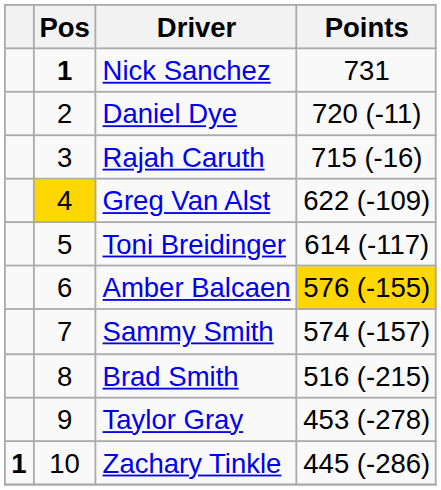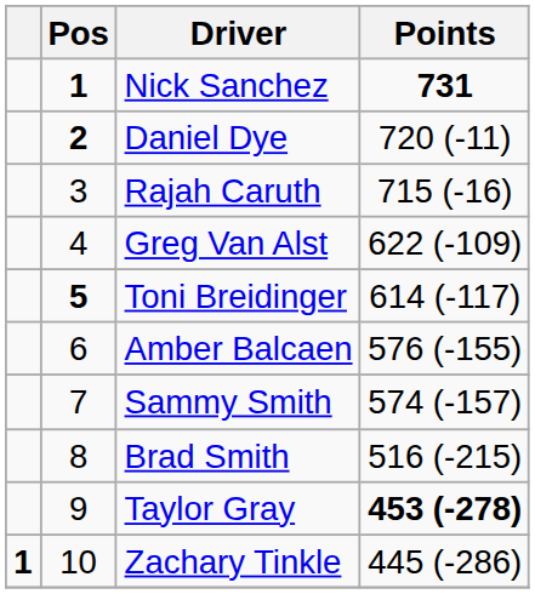 <table class="wikitable" style="font-size: 95%;">
 <tr>
 <th></th>
 <th>Pos</th>
 <th>Driver</th>
 <th>Points</th>
 </tr>
 <tr>
 <td align="left"></td>
 <td style="text-align:center;"><strong>1</strong></td>
 <td><a href='#'>Nick Sanchez</a></td>
-<td style="text-align:center;">731</td>
+<td style="text-align:center;"><strong>731</strong></td>
 </tr>
 <tr>
 <td align="left"></td>
-<td style="text-align:center;">2</td>
+<td style="text-align:center;"><strong>2</strong></td>
 <td><a href='#'>Daniel Dye</a></td>
 <td style="text-align:center;">720 (-11)</td>
 </tr>
 <tr>
 <td align="left"></td>
 <td style="text-align:center;">3</td>
 <td><a href='#'>Rajah Caruth</a></td>
 <td style="text-align:center;">715 (-16)</td>
 </tr>
 <tr>
 <td align="left"></td>
-<td style="background: gold; text-align:center;">4</td>
+<td style="text-align:center;">4</td>
 <td><a href='#'>Greg Van Alst</a></td>
 <td style="text-align:center;">622 (-109)</td>
 </tr>
 <tr>
 <td align="left"></td>
-<td style="text-align:center;">5</td>
+<td style="text-align:center;"><strong>5</strong></td>
 <td><a href='#'>Toni Breidinger</a></td>
 <td style="text-align:center;">614 (-117)</td>
 </tr>
 <tr>
 <td align="left"></td>
 <td style="text-align:center;">6</td>
 <td><a href='#'>Amber Balcaen</a></td>
-<td style="background: gold; text-align:center;">576 (-155)</td>
+<td style="text-align:center;">576 (-155)</td>
 </tr>
 <tr>
 <td align="left"></td>
 <td style="text-align:center;">7</td>
 <td><a href='#'>Sammy Smith</a></td>
 <td style="text-align:center;">574 (-157)</td>
 </tr>
 <tr>
 <td align="left"></td>
 <td style="text-align:center;">8</td>
 <td><a href='#'>Brad Smith</a></td>
 <td style="text-align:center;">516 (-215)</td>
 </tr>
 <tr>
 <td align="left"></td>
 <td style="text-align:center;">9</td>
 <td><a href='#'>Taylor Gray</a></td>
-<td style="text-align:center;">453 (-278)</td>
+<td style="text-align:center;"><strong>453 (-278)</strong></td>
 </tr>
 <tr>
 <td align="left"> <strong>1</strong></td>
 <td style="text-align:center;">10</td>
 <td><a href='#'>Zachary Tinkle</a></td>
 <td style="text-align:center;">445 (-286)</td>
 </tr>
 <tr class="sortbottom">
 </tr>
 </table>
